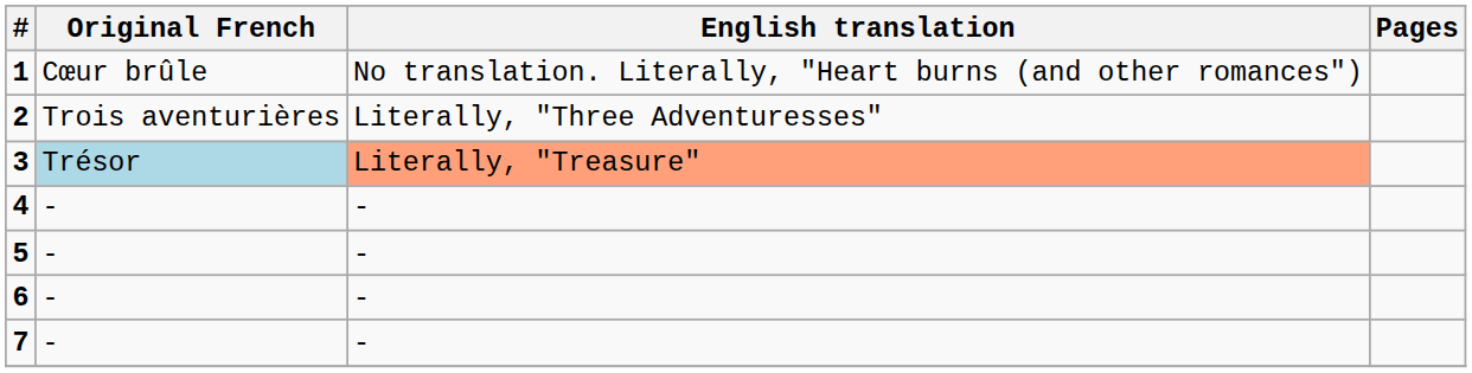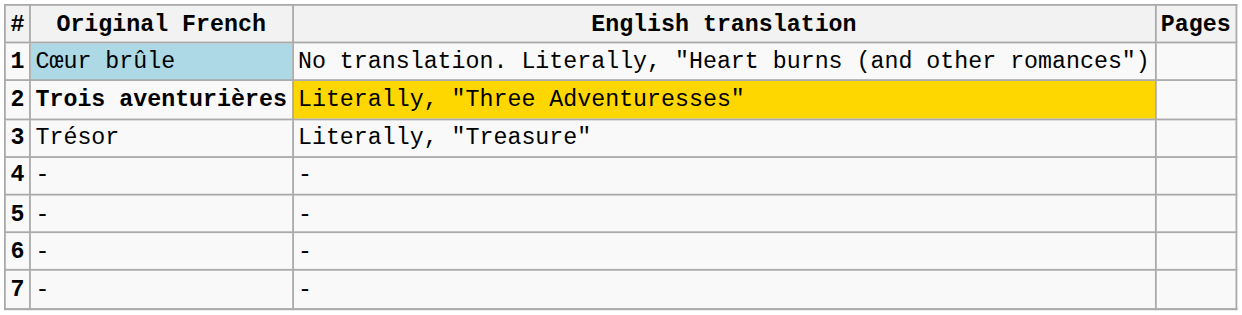 <table class="wikitable">
 <tr>
 <th>#</th>
 <th>Original French</th>
 <th>English translation</th>
 <th>Pages</th>
 </tr>
 <tr>
 <td><strong>1</strong></td>
-<td>Cœur brûle</td>
+<td style="background: lightblue;">Cœur brûle</td>
 <td>No translation. Literally, "Heart burns (and other romances")</td>
 <td></td>
 </tr>
 <tr>
 <td><strong>2</strong></td>
-<td>Trois aventurières</td>
-<td>Literally, "Three Adventuresses"</td>
+<td><strong>Trois aventurières</strong></td>
+<td style="background: gold;">Literally, "Three Adventuresses"</td>
 <td></td>
 </tr>
 <tr>
 <td><strong>3</strong></td>
-<td style="background: lightblue;">Trésor</td>
-<td style="background: lightsalmon;">Literally, "Treasure"</td>
+<td>Trésor</td>
+<td>Literally, "Treasure"</td>
 <td></td>
 </tr>
 <tr>
 <td><strong>4</strong></td>
 <td>-</td>
 <td>-</td>
 <td></td>
 </tr>
 <tr>
 <td><strong>5</strong></td>
 <td>-</td>
 <td>-</td>
 <td></td>
 </tr>
 <tr>
 <td><strong>6</strong></td>
 <td>-</td>
 <td>-</td>
 <td></td>
 </tr>
 <tr>
 <td><strong>7</strong></td>
 <td>-</td>
 <td>-</td>
 <td></td>
 </tr>
 <tr>
 </tr>
 </table>
